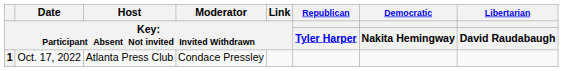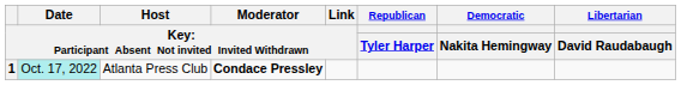 <table class="wikitable" style="text-align:center;">
 <tr>
 <th scope="col"></th>
 <th scope="col">Date</th>
 <th scope="col">Host</th>
 <th scope="col">Moderator</th>
 <th scope="col">Link</th>
 <th scope="col"><small><a href='#'>Republican</a></small></th>
 <th scope="col"><small><a href='#'>Democratic</a></small></th>
 <th scope="col"><small><a href='#'>Libertarian</a></small></th>
 </tr>
 <tr>
 <th colspan="5" rowspan="2">Key:<br> <small>Participant </small>  <small>Absent </small>  <small>Not invited </small>  <small>Invited  Withdrawn</small></th>
 <th scope="col" style="background:"></th>
 <th scope="col" style="background:"></th>
 <th scope="col" style="background:"></th>
 </tr>
 <tr>
 <th scope="col"><a href='#'>Tyler Harper</a></th>
 <th scope="col">Nakita Hemingway</th>
 <th scope="col">David Raudabaugh</th>
 </tr>
 <tr>
 <th>1</th>
-<td style="white-space:nowrap;">Oct. 17, 2022</td>
+<td style="background: paleturquoise; white-space:nowrap;">Oct. 17, 2022</td>
 <td style="white-space:nowrap;">Atlanta Press Club</td>
-<td style="white-space:nowrap;">Condace Pressley</td>
+<td style="white-space:nowrap;"><strong>Condace Pressley</strong></td>
 <td style="white-space:nowrap;"></td>
 <td></td>
 <td></td>
 <td></td>
 </tr>
 </table>
